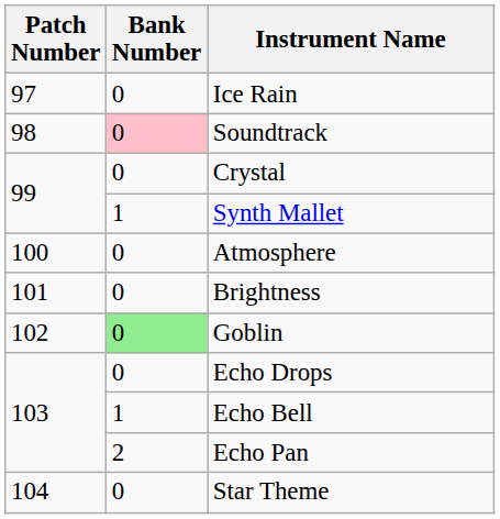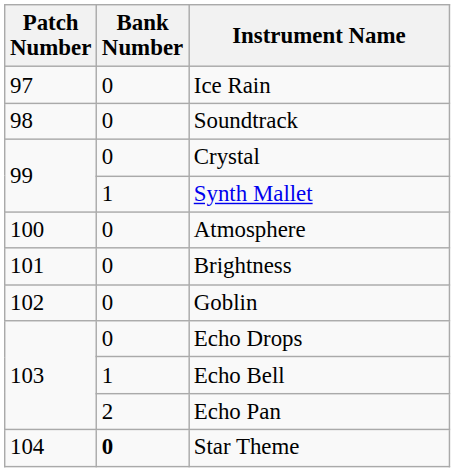 <table width="50%" class="wikitable">
 <tr>
 <th width="15%">Patch Number</th>
 <th width="15%">Bank Number</th>
 <th width="70%">Instrument Name</th>
 </tr>
 <tr>
 <td>97</td>
 <td>0</td>
 <td>Ice Rain</td>
 </tr>
 <tr>
 <td>98</td>
-<td style="background: pink;">0</td>
+<td>0</td>
 <td>Soundtrack</td>
 </tr>
 <tr>
 <td rowspan=2>99</td>
 <td>0</td>
 <td>Crystal</td>
 </tr>
 <tr>
 <td>1</td>
 <td><a href='#'>Synth Mallet</a></td>
 </tr>
 <tr>
 <td>100</td>
 <td>0</td>
 <td>Atmosphere</td>
 </tr>
 <tr>
 <td>101</td>
 <td>0</td>
 <td>Brightness</td>
 </tr>
 <tr>
 <td>102</td>
-<td style="background: lightgreen;">0</td>
+<td>0</td>
 <td>Goblin</td>
 </tr>
 <tr>
 <td rowspan=3>103</td>
 <td>0</td>
 <td>Echo Drops</td>
 </tr>
 <tr>
 <td>1</td>
 <td>Echo Bell</td>
 </tr>
 <tr>
 <td>2</td>
 <td>Echo Pan</td>
 </tr>
 <tr>
 <td>104</td>
-<td>0</td>
+<td><strong>0</strong></td>
 <td>Star Theme</td>
 </tr>
 </table>
